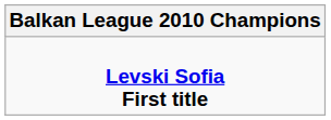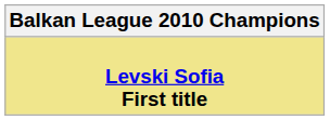 <table class=wikitable style="text-align:center; margin:auto">
 <tr>
 <th>Balkan League 2010 Champions</th>
 </tr>
 <tr>
-<td><br><strong><a href='#'>Levski Sofia</a></strong><br><strong>First title</strong></td>
+<td style="background: khaki;"><br><strong><a href='#'>Levski Sofia</a></strong><br><strong>First title</strong></td>
 </tr>
 </table>
